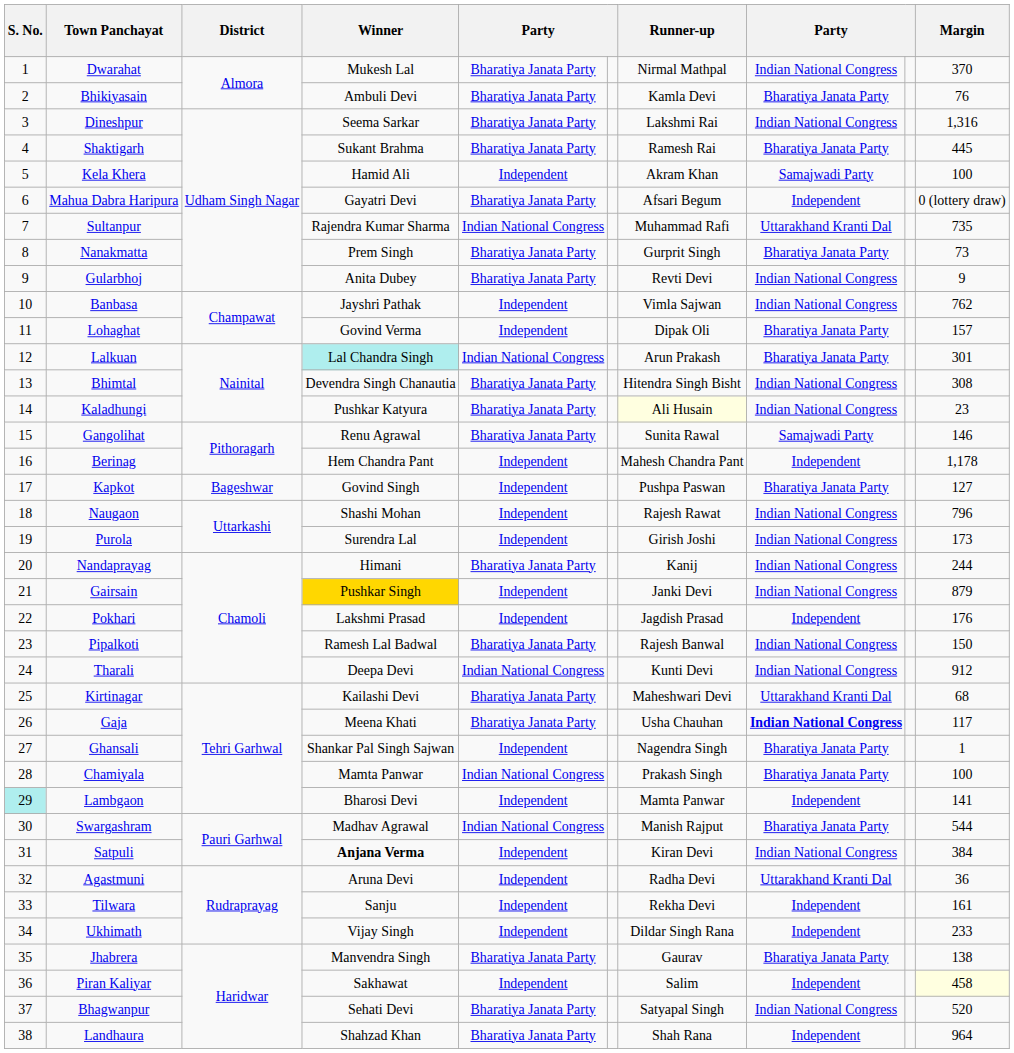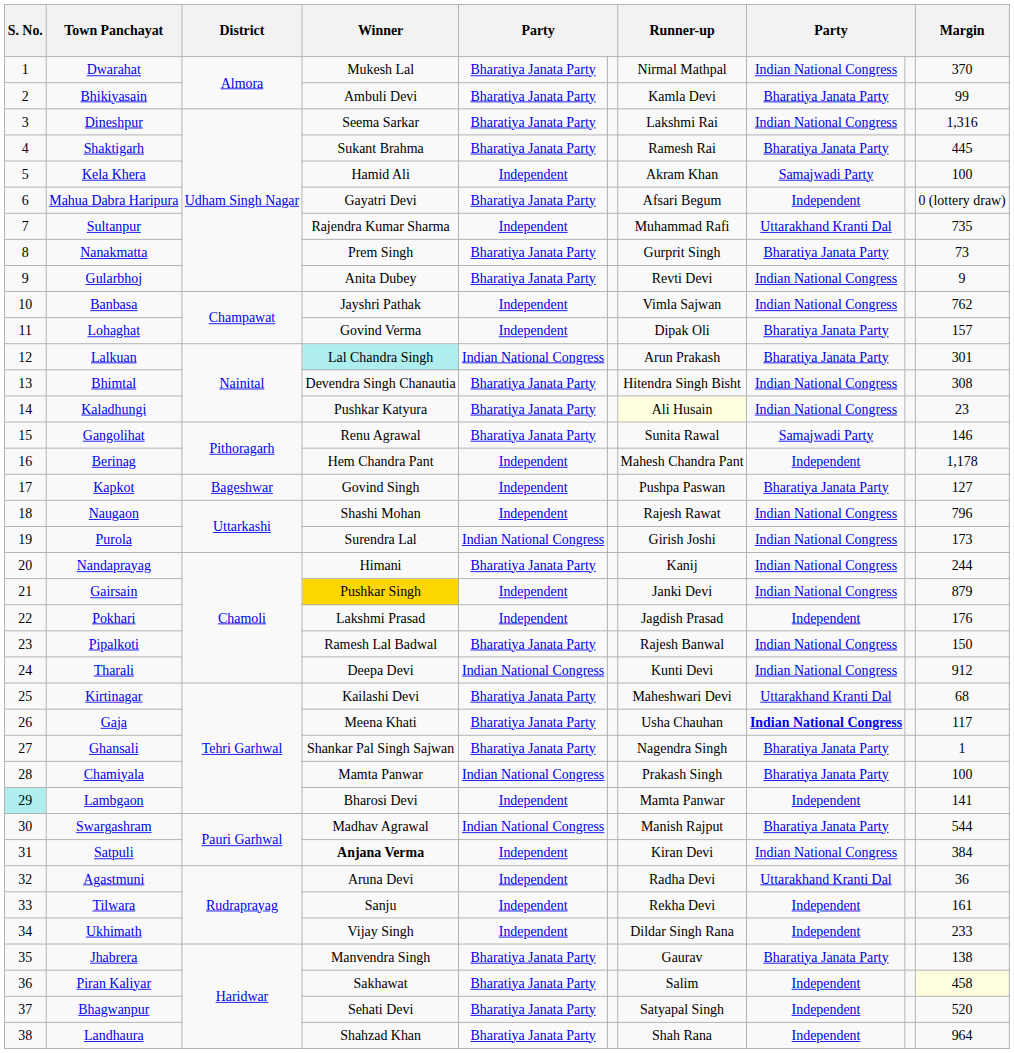 <table class="wikitable sortable">
 <tr style="text-align:center; height:60px;">
 <th scope="col">S. No.</th>
 <th>Town Panchayat</th>
 <th>District</th>
 <th>Winner</th>
 <th colspan=2>Party</th>
 <th>Runner-up</th>
 <th colspan=2>Party</th>
 <th>Margin</th>
 </tr>
 <tr style="text-align:center; height:30px;">
 <td>1</td>
 <td><a href='#'>Dwarahat</a></td>
 <td rowspan="2"><a href='#'>Almora</a></td>
 <td>Mukesh Lal</td>
 <td><a href='#'>Bharatiya Janata Party</a></td>
 <td width="4px" style="background-color: "></td>
 <td>Nirmal Mathpal</td>
 <td><a href='#'>Indian National Congress</a></td>
 <td width="4px" style="background-color: "></td>
 <td>370</td>
 </tr>
 <tr style="text-align:center; height:30px;">
 <td>2</td>
 <td><a href='#'>Bhikiyasain</a></td>
 <td>Ambuli Devi</td>
 <td><a href='#'>Bharatiya Janata Party</a></td>
 <td width="4px" style="background-color: "></td>
 <td>Kamla Devi</td>
 <td><a href='#'>Bharatiya Janata Party</a></td>
 <td width="4px" style="background-color: "></td>
-<td>76</td>
+<td>99</td>
 </tr>
 <tr style="text-align:center; height:30px;">
 <td>3</td>
 <td><a href='#'>Dineshpur</a></td>
 <td rowspan="7"><a href='#'>Udham Singh Nagar</a></td>
 <td>Seema Sarkar</td>
 <td><a href='#'>Bharatiya Janata Party</a></td>
 <td width="4px" style="background-color: "></td>
 <td>Lakshmi Rai</td>
 <td><a href='#'>Indian National Congress</a></td>
 <td width="4px" style="background-color: "></td>
 <td>1,316</td>
 </tr>
 <tr style="text-align:center; height:30px;">
 <td>4</td>
 <td><a href='#'>Shaktigarh</a></td>
 <td>Sukant Brahma</td>
 <td><a href='#'>Bharatiya Janata Party</a></td>
 <td width="4px" style="background-color: "></td>
 <td>Ramesh Rai</td>
 <td><a href='#'>Bharatiya Janata Party</a></td>
 <td width="4px" style="background-color: "></td>
 <td>445</td>
 </tr>
 <tr style="text-align:center; height:30px;">
 <td>5</td>
 <td><a href='#'>Kela Khera</a></td>
 <td>Hamid Ali</td>
 <td><a href='#'>Independent</a></td>
 <td width="4px" style="background-color: "></td>
 <td>Akram Khan</td>
 <td><a href='#'>Samajwadi Party</a></td>
 <td width="4px" style="background-color: "></td>
 <td>100</td>
 </tr>
 <tr style="text-align:center; height:30px;">
 <td>6</td>
 <td><a href='#'>Mahua Dabra Haripura</a></td>
 <td>Gayatri Devi</td>
 <td><a href='#'>Bharatiya Janata Party</a></td>
 <td width="4px" style="background-color: "></td>
 <td>Afsari Begum</td>
 <td><a href='#'>Independent</a></td>
 <td width="4px" style="background-color: "></td>
 <td>0 (lottery draw)</td>
 </tr>
 <tr style="text-align:center; height:30px;">
 <td>7</td>
 <td><a href='#'>Sultanpur</a></td>
 <td>Rajendra Kumar Sharma</td>
-<td><a href='#'>Indian National Congress</a></td>
+<td><a href='#'>Independent</a></td>
 <td width="4px" style="background-color: "></td>
 <td>Muhammad Rafi</td>
 <td><a href='#'>Uttarakhand Kranti Dal</a></td>
 <td width="4px" style="background-color: "></td>
 <td>735</td>
 </tr>
 <tr style="text-align:center; height:30px;">
 <td>8</td>
 <td><a href='#'>Nanakmatta</a></td>
 <td>Prem Singh</td>
 <td><a href='#'>Bharatiya Janata Party</a></td>
 <td width="4px" style="background-color: "></td>
 <td>Gurprit Singh</td>
 <td><a href='#'>Bharatiya Janata Party</a></td>
 <td width="4px" style="background-color: "></td>
 <td>73</td>
 </tr>
 <tr style="text-align:center; height:30px;">
 <td>9</td>
 <td><a href='#'>Gularbhoj</a></td>
 <td>Anita Dubey</td>
 <td><a href='#'>Bharatiya Janata Party</a></td>
 <td width="4px" style="background-color: "></td>
 <td>Revti Devi</td>
 <td><a href='#'>Indian National Congress</a></td>
 <td width="4px" style="background-color: "></td>
 <td>9</td>
 </tr>
 <tr style="text-align:center; height:30px;">
 <td>10</td>
 <td><a href='#'>Banbasa</a></td>
 <td rowspan="2"><a href='#'>Champawat</a></td>
 <td>Jayshri Pathak</td>
 <td><a href='#'>Independent</a></td>
 <td width="4px" style="background-color: "></td>
 <td>Vimla Sajwan</td>
 <td><a href='#'>Indian National Congress</a></td>
 <td width="4px" style="background-color: "></td>
 <td>762</td>
 </tr>
 <tr style="text-align:center; height:30px;">
 <td>11</td>
 <td><a href='#'>Lohaghat</a></td>
 <td>Govind Verma</td>
 <td><a href='#'>Independent</a></td>
 <td width="4px" style="background-color: "></td>
 <td>Dipak Oli</td>
 <td><a href='#'>Bharatiya Janata Party</a></td>
 <td width="4px" style="background-color: "></td>
 <td>157</td>
 </tr>
 <tr style="text-align:center; height:30px;">
 <td>12</td>
 <td><a href='#'>Lalkuan</a></td>
 <td rowspan="3"><a href='#'>Nainital</a></td>
 <td style="background: paleturquoise;">Lal Chandra Singh</td>
 <td><a href='#'>Indian National Congress</a></td>
 <td width="4px" style="background-color: "></td>
 <td>Arun Prakash</td>
 <td><a href='#'>Bharatiya Janata Party</a></td>
 <td width="4px" style="background-color: "></td>
 <td>301</td>
 </tr>
 <tr style="text-align:center; height:30px;">
 <td>13</td>
 <td><a href='#'>Bhimtal</a></td>
 <td>Devendra Singh Chanautia</td>
 <td><a href='#'>Bharatiya Janata Party</a></td>
 <td width="4px" style="background-color: "></td>
 <td>Hitendra Singh Bisht</td>
 <td><a href='#'>Indian National Congress</a></td>
 <td width="4px" style="background-color: "></td>
 <td>308</td>
 </tr>
 <tr style="text-align:center; height:30px;">
 <td>14</td>
 <td><a href='#'>Kaladhungi</a></td>
 <td>Pushkar Katyura</td>
 <td><a href='#'>Bharatiya Janata Party</a></td>
 <td width="4px" style="background-color: "></td>
 <td style="background: lightyellow;">Ali Husain</td>
 <td><a href='#'>Indian National Congress</a></td>
 <td width="4px" style="background-color: "></td>
 <td>23</td>
 </tr>
 <tr style="text-align:center; height:30px;">
 <td>15</td>
 <td><a href='#'>Gangolihat</a></td>
 <td rowspan="2"><a href='#'>Pithoragarh</a></td>
 <td>Renu Agrawal</td>
 <td><a href='#'>Bharatiya Janata Party</a></td>
 <td width="4px" style="background-color: "></td>
 <td>Sunita Rawal</td>
 <td><a href='#'>Samajwadi Party</a></td>
 <td width="4px" style="background-color: "></td>
 <td>146</td>
 </tr>
 <tr style="text-align:center; height:30px;">
 <td>16</td>
 <td><a href='#'>Berinag</a></td>
 <td>Hem Chandra Pant</td>
 <td><a href='#'>Independent</a></td>
 <td width="4px" style="background-color: "></td>
 <td>Mahesh Chandra Pant</td>
 <td><a href='#'>Independent</a></td>
 <td width="4px" style="background-color: "></td>
 <td>1,178</td>
 </tr>
 <tr style="text-align:center; height:30px;">
 <td>17</td>
 <td><a href='#'>Kapkot</a></td>
 <td><a href='#'>Bageshwar</a></td>
 <td>Govind Singh</td>
 <td><a href='#'>Independent</a></td>
 <td width="4px" style="background-color: "></td>
 <td>Pushpa Paswan</td>
 <td><a href='#'>Bharatiya Janata Party</a></td>
 <td width="4px" style="background-color: "></td>
 <td>127</td>
 </tr>
 <tr style="text-align:center; height:30px;">
 <td>18</td>
 <td><a href='#'>Naugaon</a></td>
 <td rowspan="2"><a href='#'>Uttarkashi</a></td>
 <td>Shashi Mohan</td>
 <td><a href='#'>Independent</a></td>
 <td width="4px" style="background-color: "></td>
 <td>Rajesh Rawat</td>
 <td><a href='#'>Indian National Congress</a></td>
 <td width="4px" style="background-color: "></td>
 <td>796</td>
 </tr>
 <tr style="text-align:center; height:30px;">
 <td>19</td>
 <td><a href='#'>Purola</a></td>
 <td>Surendra Lal</td>
-<td><a href='#'>Independent</a></td>
+<td><a href='#'>Indian National Congress</a></td>
 <td width="4px" style="background-color: "></td>
 <td>Girish Joshi</td>
 <td><a href='#'>Indian National Congress</a></td>
 <td width="4px" style="background-color: "></td>
 <td>173</td>
 </tr>
 <tr style="text-align:center; height:30px;">
 <td>20</td>
 <td><a href='#'>Nandaprayag</a></td>
 <td rowspan="5"><a href='#'>Chamoli</a></td>
 <td>Himani</td>
 <td><a href='#'>Bharatiya Janata Party</a></td>
 <td width="4px" style="background-color: "></td>
 <td>Kanij</td>
 <td><a href='#'>Indian National Congress</a></td>
 <td width="4px" style="background-color: "></td>
 <td>244</td>
 </tr>
 <tr style="text-align:center; height:30px;">
 <td>21</td>
 <td><a href='#'>Gairsain</a></td>
 <td style="background: gold;">Pushkar Singh</td>
 <td><a href='#'>Independent</a></td>
 <td width="4px" style="background-color: "></td>
 <td>Janki Devi</td>
 <td><a href='#'>Indian National Congress</a></td>
 <td width="4px" style="background-color: "></td>
 <td>879</td>
 </tr>
 <tr style="text-align:center; height:30px;">
 <td>22</td>
 <td><a href='#'>Pokhari</a></td>
 <td>Lakshmi Prasad</td>
 <td><a href='#'>Independent</a></td>
 <td width="4px" style="background-color: "></td>
 <td>Jagdish Prasad</td>
 <td><a href='#'>Independent</a></td>
 <td width="4px" style="background-color: "></td>
 <td>176</td>
 </tr>
 <tr style="text-align:center; height:30px;">
 <td>23</td>
 <td><a href='#'>Pipalkoti</a></td>
 <td>Ramesh Lal Badwal</td>
 <td><a href='#'>Bharatiya Janata Party</a></td>
 <td width="4px" style="background-color: "></td>
 <td>Rajesh Banwal</td>
 <td><a href='#'>Indian National Congress</a></td>
 <td width="4px" style="background-color: "></td>
 <td>150</td>
 </tr>
 <tr style="text-align:center; height:30px;">
 <td>24</td>
 <td><a href='#'>Tharali</a></td>
 <td>Deepa Devi</td>
 <td><a href='#'>Indian National Congress</a></td>
 <td width="4px" style="background-color: "></td>
 <td>Kunti Devi</td>
 <td><a href='#'>Indian National Congress</a></td>
 <td width="4px" style="background-color: "></td>
 <td>912</td>
 </tr>
 <tr style="text-align:center; height:30px;">
 <td>25</td>
 <td><a href='#'>Kirtinagar</a></td>
 <td rowspan="5"><a href='#'>Tehri Garhwal</a></td>
 <td>Kailashi Devi</td>
 <td><a href='#'>Bharatiya Janata Party</a></td>
 <td width="4px" style="background-color: "></td>
 <td>Maheshwari Devi</td>
 <td><a href='#'>Uttarakhand Kranti Dal</a></td>
 <td width="4px" style="background-color: "></td>
 <td>68</td>
 </tr>
 <tr style="text-align:center; height:30px;">
 <td>26</td>
 <td><a href='#'>Gaja</a></td>
 <td>Meena Khati</td>
 <td><a href='#'>Bharatiya Janata Party</a></td>
 <td width="4px" style="background-color: "></td>
 <td>Usha Chauhan</td>
 <td><strong><a href='#'>Indian National Congress</a></strong></td>
 <td width="4px" style="background-color: "></td>
 <td>117</td>
 </tr>
 <tr style="text-align:center; height:30px;">
 <td>27</td>
 <td><a href='#'>Ghansali</a></td>
 <td>Shankar Pal Singh Sajwan</td>
-<td><a href='#'>Independent</a></td>
+<td><a href='#'>Bharatiya Janata Party</a></td>
 <td width="4px" style="background-color: "></td>
 <td>Nagendra Singh</td>
 <td><a href='#'>Bharatiya Janata Party</a></td>
 <td width="4px" style="background-color: "></td>
 <td>1</td>
 </tr>
 <tr style="text-align:center; height:30px;">
 <td>28</td>
 <td><a href='#'>Chamiyala</a></td>
 <td>Mamta Panwar</td>
 <td><a href='#'>Indian National Congress</a></td>
 <td width="4px" style="background-color: "></td>
 <td>Prakash Singh</td>
 <td><a href='#'>Bharatiya Janata Party</a></td>
 <td width="4px" style="background-color: "></td>
 <td>100</td>
 </tr>
 <tr style="text-align:center; height:30px;">
 <td style="background: paleturquoise;">29</td>
 <td><a href='#'>Lambgaon</a></td>
 <td>Bharosi Devi</td>
 <td><a href='#'>Independent</a></td>
 <td width="4px" style="background-color: "></td>
 <td>Mamta Panwar</td>
 <td><a href='#'>Independent</a></td>
 <td width="4px" style="background-color: "></td>
 <td>141</td>
 </tr>
 <tr style="text-align:center; height:30px;">
 <td>30</td>
 <td><a href='#'>Swargashram</a></td>
 <td rowspan="2"><a href='#'>Pauri Garhwal</a></td>
 <td>Madhav Agrawal</td>
 <td><a href='#'>Indian National Congress</a></td>
 <td width="4px" style="background-color: "></td>
 <td>Manish Rajput</td>
 <td><a href='#'>Bharatiya Janata Party</a></td>
 <td width="4px" style="background-color: "></td>
 <td>544</td>
 </tr>
 <tr style="text-align:center; height:30px;">
 <td>31</td>
 <td><a href='#'>Satpuli</a></td>
 <td><strong>Anjana Verma</strong></td>
 <td><a href='#'>Independent</a></td>
 <td width="4px" style="background-color: "></td>
 <td>Kiran Devi</td>
 <td><a href='#'>Indian National Congress</a></td>
 <td width="4px" style="background-color: "></td>
 <td>384</td>
 </tr>
 <tr style="text-align:center; height:30px;">
 <td>32</td>
 <td><a href='#'>Agastmuni</a></td>
 <td rowspan="3"><a href='#'>Rudraprayag</a></td>
 <td>Aruna Devi</td>
 <td><a href='#'>Independent</a></td>
 <td width="4px" style="background-color: "></td>
 <td>Radha Devi</td>
 <td><a href='#'>Uttarakhand Kranti Dal</a></td>
 <td width="4px" style="background-color: "></td>
 <td>36</td>
 </tr>
 <tr style="text-align:center; height:30px;">
 <td>33</td>
 <td><a href='#'>Tilwara</a></td>
 <td>Sanju</td>
 <td><a href='#'>Independent</a></td>
 <td width="4px" style="background-color: "></td>
 <td>Rekha Devi</td>
 <td><a href='#'>Independent</a></td>
 <td width="4px" style="background-color: "></td>
 <td>161</td>
 </tr>
 <tr style="text-align:center; height:30px;">
 <td>34</td>
 <td><a href='#'>Ukhimath</a></td>
 <td>Vijay Singh</td>
 <td><a href='#'>Independent</a></td>
 <td width="4px" style="background-color: "></td>
 <td>Dildar Singh Rana</td>
 <td><a href='#'>Independent</a></td>
 <td width="4px" style="background-color: "></td>
 <td>233</td>
 </tr>
 <tr style="text-align:center; height:30px;">
 <td>35</td>
 <td><a href='#'>Jhabrera</a></td>
 <td rowspan="4"><a href='#'>Haridwar</a></td>
 <td>Manvendra Singh</td>
 <td><a href='#'>Bharatiya Janata Party</a></td>
 <td width="4px" style="background-color: "></td>
 <td>Gaurav</td>
 <td><a href='#'>Bharatiya Janata Party</a></td>
 <td width="4px" style="background-color: "></td>
 <td>138</td>
 </tr>
 <tr style="text-align:center; height:30px;">
 <td>36</td>
 <td><a href='#'>Piran Kaliyar</a></td>
 <td>Sakhawat</td>
-<td><a href='#'>Independent</a></td>
+<td><a href='#'>Bharatiya Janata Party</a></td>
 <td width="4px" style="background-color: "></td>
 <td>Salim</td>
 <td><a href='#'>Independent</a></td>
 <td width="4px" style="background-color: "></td>
 <td style="background: lightyellow;">458</td>
 </tr>
 <tr style="text-align:center; height:30px;">
 <td>37</td>
 <td><a href='#'>Bhagwanpur</a></td>
 <td>Sehati Devi</td>
 <td><a href='#'>Bharatiya Janata Party</a></td>
 <td width="4px" style="background-color: "></td>
 <td>Satyapal Singh</td>
-<td><a href='#'>Indian National Congress</a></td>
+<td><a href='#'>Independent</a></td>
 <td width="4px" style="background-color: "></td>
 <td>520</td>
 </tr>
 <tr style="text-align:center; height:30px;">
 <td>38</td>
 <td><a href='#'>Landhaura</a></td>
 <td>Shahzad Khan</td>
 <td><a href='#'>Bharatiya Janata Party</a></td>
 <td width="4px" style="background-color: "></td>
 <td>Shah Rana</td>
 <td><a href='#'>Independent</a></td>
 <td width="4px" style="background-color: "></td>
 <td>964</td>
 </tr>
 </table>
